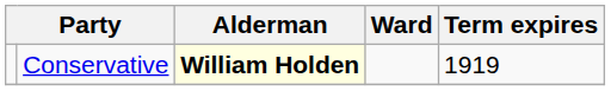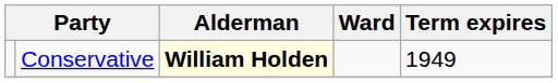 <table class="wikitable">
 <tr>
 <th colspan="2">Party</th>
 <th>Alderman</th>
 <th>Ward</th>
 <th>Term expires</th>
 </tr>
 <tr>
 <td style="background-color:"></td>
 <td><a href='#'>Conservative</a></td>
 <td style="background: lightyellow;"><strong>William Holden</strong></td>
 <td><strong> </strong></td>
-<td>1919</td>
+<td>1949</td>
 </tr>
 <tr>
 </tr>
 </table>
